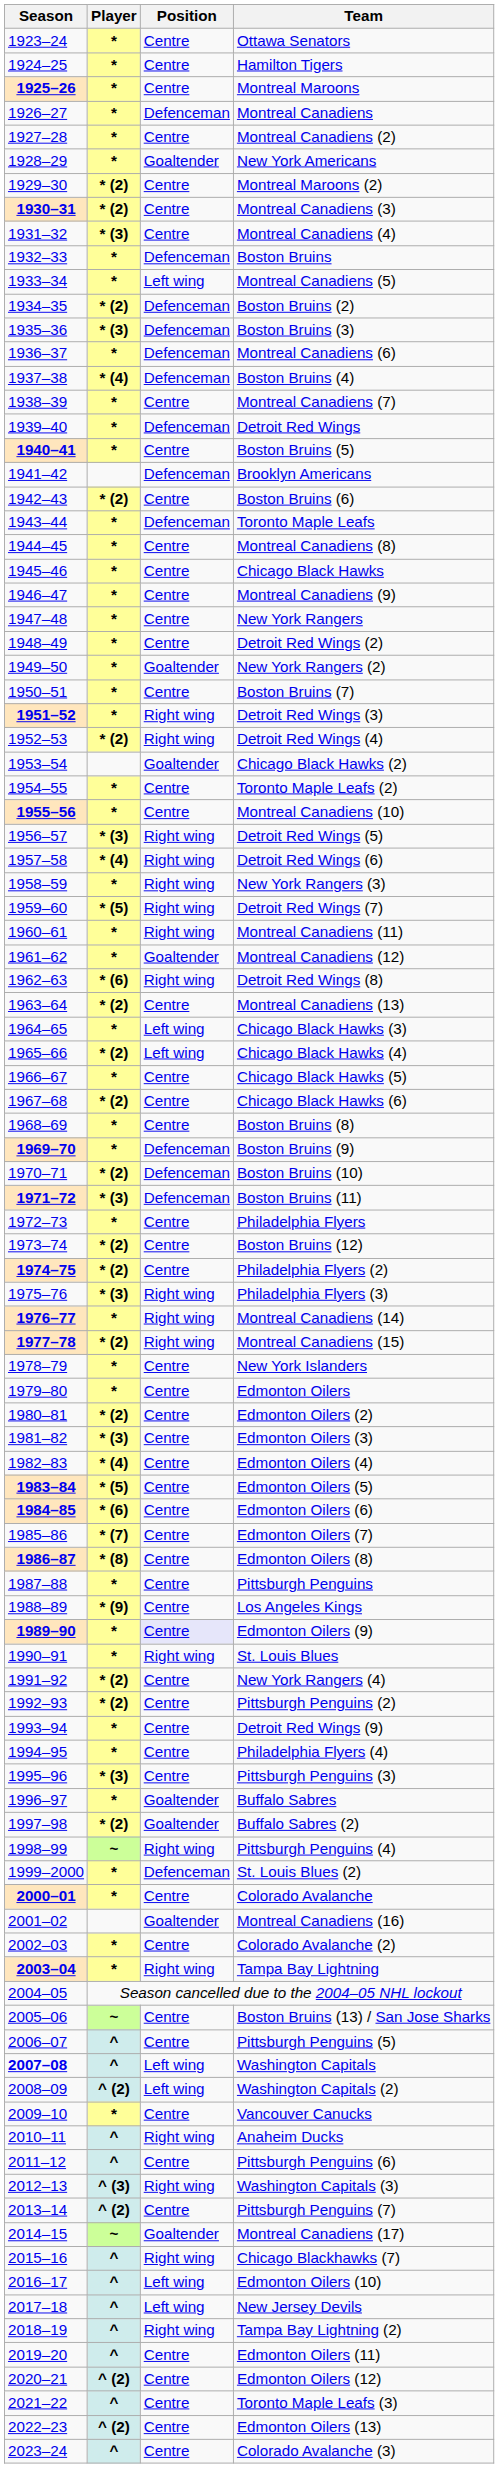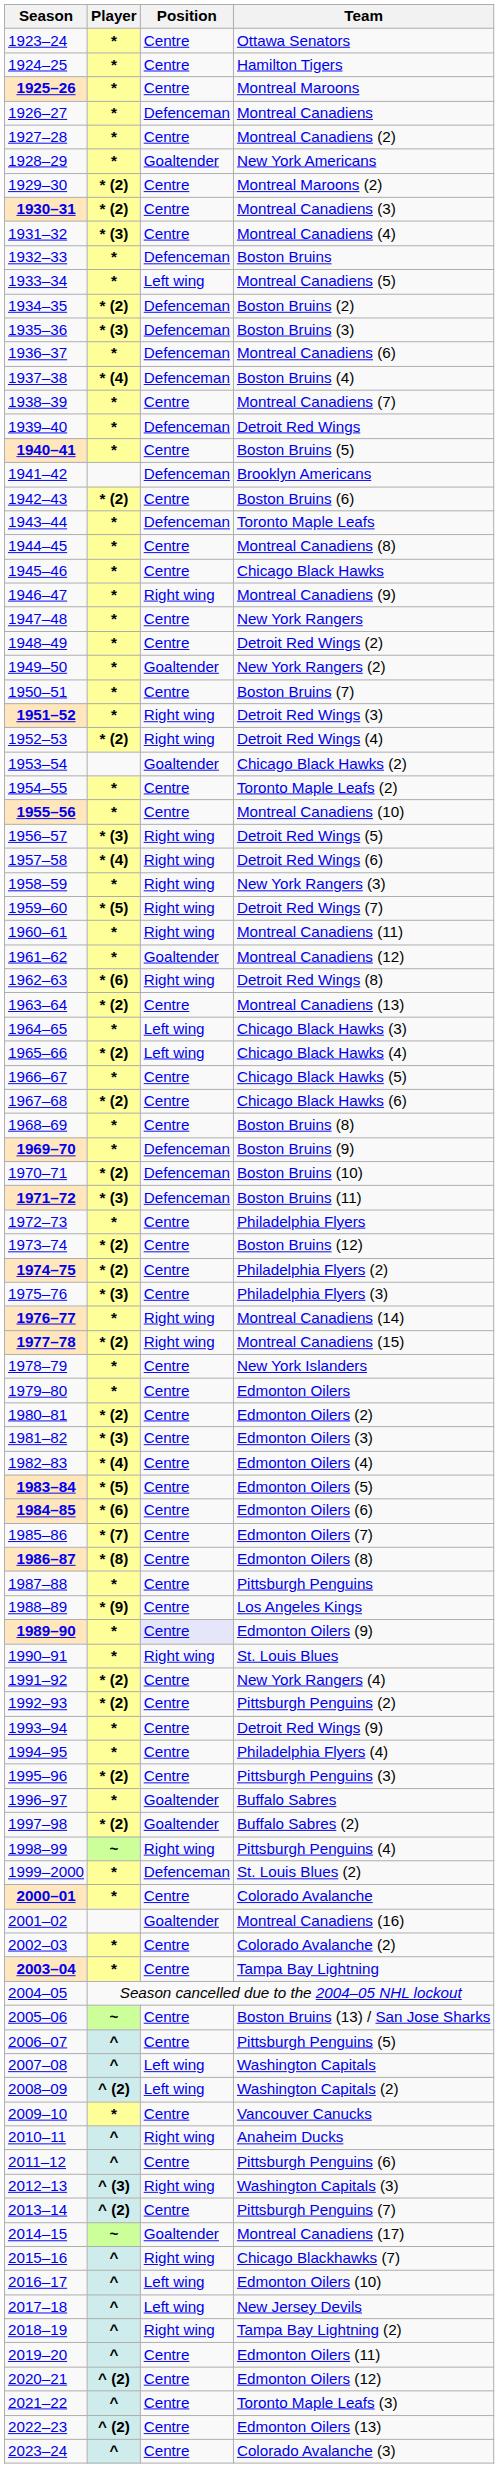 <table class="wikitable plainrowheaders sortable" summary="Season (sortable), Player (sortable), Position (sortable), Nationality (sortable) and Team (sortable)">
 <tr>
 <th scope="col">Season</th>
 <th scope="col">Player</th>
 <th scope="col">Position</th>
 <th scope="col">Team</th>
 </tr>
 <tr>
 <td><a href='#'>1923–24</a></td>
 <th scope="row" style="background-color:#FFFF99">*</th>
 <td><a href='#'>Centre</a></td>
 <td><a href='#'>Ottawa Senators</a></td>
 </tr>
 <tr>
 <td><a href='#'>1924–25</a></td>
 <th scope="row" style="background-color:#FFFF99">*</th>
 <td><a href='#'>Centre</a></td>
 <td><a href='#'>Hamilton Tigers</a></td>
 </tr>
 <tr>
 <th scope="row" style="background-color:#FFE6BD"><a href='#'>1925–26</a></th>
 <th scope="row" style="background-color:#FFFF99">*</th>
 <td><a href='#'>Centre</a></td>
 <td><a href='#'>Montreal Maroons</a></td>
 </tr>
 <tr>
 <td><a href='#'>1926–27</a></td>
 <th scope="row" style="background-color:#FFFF99">*</th>
 <td><a href='#'>Defenceman</a></td>
 <td><a href='#'>Montreal Canadiens</a></td>
 </tr>
 <tr>
 <td><a href='#'>1927–28</a></td>
 <th scope="row" style="background-color:#FFFF99">*</th>
 <td><a href='#'>Centre</a></td>
 <td><a href='#'>Montreal Canadiens</a> (2)</td>
 </tr>
 <tr>
 <td><a href='#'>1928–29</a></td>
 <th scope="row" style="background-color:#FFFF99">*</th>
 <td><a href='#'>Goaltender</a></td>
 <td><a href='#'>New York Americans</a></td>
 </tr>
 <tr>
 <td><a href='#'>1929–30</a></td>
 <th scope="row" style="background-color:#FFFF99">* (2)</th>
 <td><a href='#'>Centre</a></td>
 <td><a href='#'>Montreal Maroons</a> (2)</td>
 </tr>
 <tr>
 <th scope="row" style="background-color:#FFE6BD"><a href='#'>1930–31</a></th>
 <th scope="row" style="background-color:#FFFF99">* (2)</th>
 <td><a href='#'>Centre</a></td>
 <td><a href='#'>Montreal Canadiens</a> (3)</td>
 </tr>
 <tr>
 <td><a href='#'>1931–32</a></td>
 <th scope="row" style="background-color:#FFFF99">* (3)</th>
 <td><a href='#'>Centre</a></td>
 <td><a href='#'>Montreal Canadiens</a> (4)</td>
 </tr>
 <tr>
 <td><a href='#'>1932–33</a></td>
 <th scope="row" style="background-color:#FFFF99">*</th>
 <td><a href='#'>Defenceman</a></td>
 <td><a href='#'>Boston Bruins</a></td>
 </tr>
 <tr>
 <td><a href='#'>1933–34</a></td>
 <th scope="row" style="background-color:#FFFF99">*</th>
 <td><a href='#'>Left wing</a></td>
 <td><a href='#'>Montreal Canadiens</a> (5)</td>
 </tr>
 <tr>
 <td><a href='#'>1934–35</a></td>
 <th scope="row" style="background-color:#FFFF99">* (2)</th>
 <td><a href='#'>Defenceman</a></td>
 <td><a href='#'>Boston Bruins</a> (2)</td>
 </tr>
 <tr>
 <td><a href='#'>1935–36</a></td>
 <th scope="row" style="background-color:#FFFF99">* (3)</th>
 <td><a href='#'>Defenceman</a></td>
 <td><a href='#'>Boston Bruins</a> (3)</td>
 </tr>
 <tr>
 <td><a href='#'>1936–37</a></td>
 <th scope="row" style="background-color:#FFFF99">*</th>
 <td><a href='#'>Defenceman</a></td>
 <td><a href='#'>Montreal Canadiens</a> (6)</td>
 </tr>
 <tr>
 <td><a href='#'>1937–38</a></td>
 <th scope="row" style="background-color:#FFFF99">* (4)</th>
 <td><a href='#'>Defenceman</a></td>
 <td><a href='#'>Boston Bruins</a> (4)</td>
 </tr>
 <tr>
 <td><a href='#'>1938–39</a></td>
 <th scope="row" style="background-color:#FFFF99">*</th>
 <td><a href='#'>Centre</a></td>
 <td><a href='#'>Montreal Canadiens</a> (7)</td>
 </tr>
 <tr>
 <td><a href='#'>1939–40</a></td>
 <th scope="row" style="background-color:#FFFF99">*</th>
 <td><a href='#'>Defenceman</a></td>
 <td><a href='#'>Detroit Red Wings</a></td>
 </tr>
 <tr>
 <th scope="row" style="background-color:#FFE6BD"><a href='#'>1940–41</a></th>
 <th scope="row" style="background-color:#FFFF99">*</th>
 <td><a href='#'>Centre</a></td>
 <td><a href='#'>Boston Bruins</a> (5)</td>
 </tr>
 <tr>
 <td><a href='#'>1941–42</a></td>
 <td></td>
 <td><a href='#'>Defenceman</a></td>
 <td><a href='#'>Brooklyn Americans</a></td>
 </tr>
 <tr>
 <td><a href='#'>1942–43</a></td>
 <th scope="row" style="background-color:#FFFF99">* (2)</th>
 <td><a href='#'>Centre</a></td>
 <td><a href='#'>Boston Bruins</a> (6)</td>
 </tr>
 <tr>
 <td><a href='#'>1943–44</a></td>
 <th scope="row" style="background-color:#FFFF99">*</th>
 <td><a href='#'>Defenceman</a></td>
 <td><a href='#'>Toronto Maple Leafs</a></td>
 </tr>
 <tr>
 <td><a href='#'>1944–45</a></td>
 <th scope="row" style="background-color:#FFFF99">*</th>
 <td><a href='#'>Centre</a></td>
 <td><a href='#'>Montreal Canadiens</a> (8)</td>
 </tr>
 <tr>
 <td><a href='#'>1945–46</a></td>
 <th scope="row" style="background-color:#FFFF99">*</th>
 <td><a href='#'>Centre</a></td>
 <td><a href='#'>Chicago Black Hawks</a></td>
 </tr>
 <tr>
 <td><a href='#'>1946–47</a></td>
 <th scope="row" style="background-color:#FFFF99">*</th>
-<td><a href='#'>Centre</a></td>
+<td><a href='#'>Right wing</a></td>
 <td><a href='#'>Montreal Canadiens</a> (9)</td>
 </tr>
 <tr>
 <td><a href='#'>1947–48</a></td>
 <th scope="row" style="background-color:#FFFF99">*</th>
 <td><a href='#'>Centre</a></td>
 <td><a href='#'>New York Rangers</a></td>
 </tr>
 <tr>
 <td><a href='#'>1948–49</a></td>
 <th scope="row" style="background-color:#FFFF99">*</th>
 <td><a href='#'>Centre</a></td>
 <td><a href='#'>Detroit Red Wings</a> (2)</td>
 </tr>
 <tr>
 <td><a href='#'>1949–50</a></td>
 <th scope="row" style="background-color:#FFFF99">*</th>
 <td><a href='#'>Goaltender</a></td>
 <td><a href='#'>New York Rangers</a> (2)</td>
 </tr>
 <tr>
 <td><a href='#'>1950–51</a></td>
 <th scope="row" style="background-color:#FFFF99">*</th>
 <td><a href='#'>Centre</a></td>
 <td><a href='#'>Boston Bruins</a> (7)</td>
 </tr>
 <tr>
 <th scope="row" style="background-color:#FFE6BD"><a href='#'>1951–52</a></th>
 <th scope="row" style="background-color:#FFFF99">*</th>
 <td><a href='#'>Right wing</a></td>
 <td><a href='#'>Detroit Red Wings</a> (3)</td>
 </tr>
 <tr>
 <td><a href='#'>1952–53</a></td>
 <th scope="row" style="background-color:#FFFF99">* (2)</th>
 <td><a href='#'>Right wing</a></td>
 <td><a href='#'>Detroit Red Wings</a> (4)</td>
 </tr>
 <tr>
 <td><a href='#'>1953–54</a></td>
 <td></td>
 <td><a href='#'>Goaltender</a></td>
 <td><a href='#'>Chicago Black Hawks</a> (2)</td>
 </tr>
 <tr>
 <td><a href='#'>1954–55</a></td>
 <th scope="row" style="background-color:#FFFF99">*</th>
 <td><a href='#'>Centre</a></td>
 <td><a href='#'>Toronto Maple Leafs</a> (2)</td>
 </tr>
 <tr>
 <th scope="row" style="background-color:#FFE6BD"><a href='#'>1955–56</a></th>
 <th scope="row" style="background-color:#FFFF99">*</th>
 <td><a href='#'>Centre</a></td>
 <td><a href='#'>Montreal Canadiens</a> (10)</td>
 </tr>
 <tr>
 <td><a href='#'>1956–57</a></td>
 <th scope="row" style="background-color:#FFFF99">* (3)</th>
 <td><a href='#'>Right wing</a></td>
 <td><a href='#'>Detroit Red Wings</a> (5)</td>
 </tr>
 <tr>
 <td><a href='#'>1957–58</a></td>
 <th scope="row" style="background-color:#FFFF99">* (4)</th>
 <td><a href='#'>Right wing</a></td>
 <td><a href='#'>Detroit Red Wings</a> (6)</td>
 </tr>
 <tr>
 <td><a href='#'>1958–59</a></td>
 <th scope="row" style="background-color:#FFFF99">*</th>
 <td><a href='#'>Right wing</a></td>
 <td><a href='#'>New York Rangers</a> (3)</td>
 </tr>
 <tr>
 <td><a href='#'>1959–60</a></td>
 <th scope="row" style="background-color:#FFFF99">* (5)</th>
 <td><a href='#'>Right wing</a></td>
 <td><a href='#'>Detroit Red Wings</a> (7)</td>
 </tr>
 <tr>
 <td><a href='#'>1960–61</a></td>
 <th scope="row" style="background-color:#FFFF99">*</th>
 <td><a href='#'>Right wing</a></td>
 <td><a href='#'>Montreal Canadiens</a> (11)</td>
 </tr>
 <tr>
 <td><a href='#'>1961–62</a></td>
 <th scope="row" style="background-color:#FFFF99">*</th>
 <td><a href='#'>Goaltender</a></td>
 <td><a href='#'>Montreal Canadiens</a> (12)</td>
 </tr>
 <tr>
 <td><a href='#'>1962–63</a></td>
 <th scope="row" style="background-color:#FFFF99">* (6)</th>
 <td><a href='#'>Right wing</a></td>
 <td><a href='#'>Detroit Red Wings</a> (8)</td>
 </tr>
 <tr>
 <td><a href='#'>1963–64</a></td>
 <th scope="row" style="background-color:#FFFF99">* (2)</th>
 <td><a href='#'>Centre</a></td>
 <td><a href='#'>Montreal Canadiens</a> (13)</td>
 </tr>
 <tr>
 <td><a href='#'>1964–65</a></td>
 <th scope="row" style="background-color:#FFFF99">*</th>
 <td><a href='#'>Left wing</a></td>
 <td><a href='#'>Chicago Black Hawks</a> (3)</td>
 </tr>
 <tr>
 <td><a href='#'>1965–66</a></td>
 <th scope="row" style="background-color:#FFFF99">* (2)</th>
 <td><a href='#'>Left wing</a></td>
 <td><a href='#'>Chicago Black Hawks</a> (4)</td>
 </tr>
 <tr>
 <td><a href='#'>1966–67</a></td>
 <th scope="row" style="background-color:#FFFF99">*</th>
 <td><a href='#'>Centre</a></td>
 <td><a href='#'>Chicago Black Hawks</a> (5)</td>
 </tr>
 <tr>
 <td><a href='#'>1967–68</a></td>
 <th scope="row" style="background-color:#FFFF99">* (2)</th>
 <td><a href='#'>Centre</a></td>
 <td><a href='#'>Chicago Black Hawks</a> (6)</td>
 </tr>
 <tr>
 <td><a href='#'>1968–69</a></td>
 <th scope="row" style="background-color:#FFFF99">*</th>
 <td><a href='#'>Centre</a></td>
 <td><a href='#'>Boston Bruins</a> (8)</td>
 </tr>
 <tr>
 <th scope="row" style="background-color:#FFE6BD"><a href='#'>1969–70</a></th>
 <th scope="row" style="background-color:#FFFF99">*</th>
 <td><a href='#'>Defenceman</a></td>
 <td><a href='#'>Boston Bruins</a> (9)</td>
 </tr>
 <tr>
 <td><a href='#'>1970–71</a></td>
 <th scope="row" style="background-color:#FFFF99">* (2)</th>
 <td><a href='#'>Defenceman</a></td>
 <td><a href='#'>Boston Bruins</a> (10)</td>
 </tr>
 <tr>
 <th scope="row" style="background-color:#FFE6BD"><a href='#'>1971–72</a></th>
 <th scope="row" style="background-color:#FFFF99">* (3)</th>
 <td><a href='#'>Defenceman</a></td>
 <td><a href='#'>Boston Bruins</a> (11)</td>
 </tr>
 <tr>
 <td><a href='#'>1972–73</a></td>
 <th scope="row" style="background-color:#FFFF99">*</th>
 <td><a href='#'>Centre</a></td>
 <td><a href='#'>Philadelphia Flyers</a></td>
 </tr>
 <tr>
 <td><a href='#'>1973–74</a></td>
 <th scope="row" style="background-color:#FFFF99">* (2)</th>
 <td><a href='#'>Centre</a></td>
 <td><a href='#'>Boston Bruins</a> (12)</td>
 </tr>
 <tr>
 <th scope="row" style="background-color:#FFE6BD"><a href='#'>1974–75</a></th>
 <th scope="row" style="background-color:#FFFF99">* (2)</th>
 <td><a href='#'>Centre</a></td>
 <td><a href='#'>Philadelphia Flyers</a> (2)</td>
 </tr>
 <tr>
 <td><a href='#'>1975–76</a></td>
 <th scope="row" style="background-color:#FFFF99">* (3)</th>
-<td><a href='#'>Right wing</a></td>
+<td><a href='#'>Centre</a></td>
 <td><a href='#'>Philadelphia Flyers</a> (3)</td>
 </tr>
 <tr>
 <th scope="row" style="background-color:#FFE6BD"><a href='#'>1976–77</a></th>
 <th scope="row" style="background-color:#FFFF99">*</th>
 <td><a href='#'>Right wing</a></td>
 <td><a href='#'>Montreal Canadiens</a> (14)</td>
 </tr>
 <tr>
 <th scope="row" style="background-color:#FFE6BD"><a href='#'>1977–78</a></th>
 <th scope="row" style="background-color:#FFFF99">* (2)</th>
 <td><a href='#'>Right wing</a></td>
 <td><a href='#'>Montreal Canadiens</a> (15)</td>
 </tr>
 <tr>
 <td><a href='#'>1978–79</a></td>
 <th scope="row" style="background-color:#FFFF99">*</th>
 <td><a href='#'>Centre</a></td>
 <td><a href='#'>New York Islanders</a></td>
 </tr>
 <tr>
 <td><a href='#'>1979–80</a></td>
 <th scope="row" style="background-color:#FFFF99">*</th>
 <td><a href='#'>Centre</a></td>
 <td><a href='#'>Edmonton Oilers</a></td>
 </tr>
 <tr>
 <td><a href='#'>1980–81</a></td>
 <th scope="row" style="background-color:#FFFF99">* (2)</th>
 <td><a href='#'>Centre</a></td>
 <td><a href='#'>Edmonton Oilers</a> (2)</td>
 </tr>
 <tr>
 <td><a href='#'>1981–82</a></td>
 <th scope="row" style="background-color:#FFFF99">* (3)</th>
 <td><a href='#'>Centre</a></td>
 <td><a href='#'>Edmonton Oilers</a> (3)</td>
 </tr>
 <tr>
 <td><a href='#'>1982–83</a></td>
 <th scope="row" style="background-color:#FFFF99">* (4)</th>
 <td><a href='#'>Centre</a></td>
 <td><a href='#'>Edmonton Oilers</a> (4)</td>
 </tr>
 <tr>
 <th scope="row" style="background-color:#FFE6BD"><a href='#'>1983–84</a></th>
 <th scope="row" style="background-color:#FFFF99">* (5)</th>
 <td><a href='#'>Centre</a></td>
 <td><a href='#'>Edmonton Oilers</a> (5)</td>
 </tr>
 <tr>
 <th scope="row" style="background-color:#FFE6BD"><a href='#'>1984–85</a></th>
 <th scope="row" style="background-color:#FFFF99">* (6)</th>
 <td><a href='#'>Centre</a></td>
 <td><a href='#'>Edmonton Oilers</a> (6)</td>
 </tr>
 <tr>
 <td><a href='#'>1985–86</a></td>
 <th scope="row" style="background-color:#FFFF99">* (7)</th>
 <td><a href='#'>Centre</a></td>
 <td><a href='#'>Edmonton Oilers</a> (7)</td>
 </tr>
 <tr>
 <th scope="row" style="background-color:#FFE6BD"><a href='#'>1986–87</a></th>
 <th scope="row" style="background-color:#FFFF99">* (8)</th>
 <td><a href='#'>Centre</a></td>
 <td><a href='#'>Edmonton Oilers</a> (8)</td>
 </tr>
 <tr>
 <td><a href='#'>1987–88</a></td>
 <th scope="row" style="background-color:#FFFF99">*</th>
 <td><a href='#'>Centre</a></td>
 <td><a href='#'>Pittsburgh Penguins</a></td>
 </tr>
 <tr>
 <td><a href='#'>1988–89</a></td>
 <th scope="row" style="background-color:#FFFF99">* (9)</th>
 <td><a href='#'>Centre</a></td>
 <td><a href='#'>Los Angeles Kings</a></td>
 </tr>
 <tr>
 <th scope="row" style="background-color:#FFE6BD"><a href='#'>1989–90</a></th>
 <th scope="row" style="background-color:#FFFF99">*</th>
 <td style="background: lavender;"><a href='#'>Centre</a></td>
 <td><a href='#'>Edmonton Oilers</a> (9)</td>
 </tr>
 <tr>
 <td><a href='#'>1990–91</a></td>
 <th scope="row" style="background-color:#FFFF99">*</th>
 <td><a href='#'>Right wing</a></td>
 <td><a href='#'>St. Louis Blues</a></td>
 </tr>
 <tr>
 <td><a href='#'>1991–92</a></td>
 <th scope="row" style="background-color:#FFFF99">* (2)</th>
 <td><a href='#'>Centre</a></td>
 <td><a href='#'>New York Rangers</a> (4)</td>
 </tr>
 <tr>
 <td><a href='#'>1992–93</a></td>
 <th scope="row" style="background-color:#FFFF99">* (2)</th>
 <td><a href='#'>Centre</a></td>
 <td><a href='#'>Pittsburgh Penguins</a> (2)</td>
 </tr>
 <tr>
 <td><a href='#'>1993–94</a></td>
 <th scope="row" style="background-color:#FFFF99">*</th>
 <td><a href='#'>Centre</a></td>
 <td><a href='#'>Detroit Red Wings</a> (9)</td>
 </tr>
 <tr>
 <td><a href='#'>1994–95</a></td>
 <th scope="row" style="background-color:#FFFF99">*</th>
 <td><a href='#'>Centre</a></td>
 <td><a href='#'>Philadelphia Flyers</a> (4)</td>
 </tr>
 <tr>
 <td><a href='#'>1995–96</a></td>
-<th scope="row" style="background-color:#FFFF99">* (3)</th>
+<th scope="row" style="background-color:#FFFF99">* (2)</th>
 <td><a href='#'>Centre</a></td>
 <td><a href='#'>Pittsburgh Penguins</a> (3)</td>
 </tr>
 <tr>
 <td><a href='#'>1996–97</a></td>
 <th scope="row" style="background-color:#FFFF99">*</th>
 <td><a href='#'>Goaltender</a></td>
 <td><a href='#'>Buffalo Sabres</a></td>
 </tr>
 <tr>
 <td><a href='#'>1997–98</a></td>
 <th scope="row" style="background-color:#FFFF99">* (2)</th>
 <td><a href='#'>Goaltender</a></td>
 <td><a href='#'>Buffalo Sabres</a> (2)</td>
 </tr>
 <tr>
 <td><a href='#'>1998–99</a></td>
 <th scope="row" style="background-color:#CCFF99">~</th>
 <td><a href='#'>Right wing</a></td>
 <td><a href='#'>Pittsburgh Penguins</a> (4)</td>
 </tr>
 <tr>
 <td><a href='#'>1999–2000</a></td>
 <th scope="row" style="background-color:#FFFF99">*</th>
 <td><a href='#'>Defenceman</a></td>
 <td><a href='#'>St. Louis Blues</a> (2)</td>
 </tr>
 <tr>
 <th scope="row" style="background-color:#FFE6BD"><a href='#'>2000–01</a></th>
 <th scope="row" style="background-color:#FFFF99">*</th>
 <td><a href='#'>Centre</a></td>
 <td><a href='#'>Colorado Avalanche</a></td>
 </tr>
 <tr>
 <td><a href='#'>2001–02</a></td>
 <td></td>
 <td><a href='#'>Goaltender</a></td>
 <td><a href='#'>Montreal Canadiens</a> (16)</td>
 </tr>
 <tr>
 <td><a href='#'>2002–03</a></td>
 <th scope="row" style="background-color:#FFFF99">*</th>
 <td><a href='#'>Centre</a></td>
 <td><a href='#'>Colorado Avalanche</a> (2)</td>
 </tr>
 <tr>
 <th scope="row" style="background-color:#FFE6BD"><a href='#'>2003–04</a></th>
 <th scope="row" style="background-color:#FFFF99">*</th>
-<td><a href='#'>Right wing</a></td>
+<td><a href='#'>Centre</a></td>
 <td><a href='#'>Tampa Bay Lightning</a></td>
 </tr>
 <tr>
 <td><a href='#'>2004–05</a></td>
 <td colspan=4 align="center"><em>Season cancelled due to the <a href='#'>2004–05 NHL lockout</a></em></td>
 </tr>
 <tr>
 <td><a href='#'>2005–06</a></td>
 <th scope="row" style="background-color:#CCFF99">~</th>
 <td><a href='#'>Centre</a></td>
 <td><a href='#'>Boston Bruins</a> (13) / <a href='#'>San Jose Sharks</a></td>
 </tr>
 <tr>
 <td><a href='#'>2006–07</a></td>
 <th scope="row" style="background-color:#CFECEC">^</th>
 <td><a href='#'>Centre</a></td>
 <td><a href='#'>Pittsburgh Penguins</a> (5)</td>
 </tr>
 <tr>
-<td><strong><a href='#'>2007–08</a></strong></td>
+<td><a href='#'>2007–08</a></td>
 <th scope="row" style="background-color:#CFECEC">^</th>
 <td><a href='#'>Left wing</a></td>
 <td><a href='#'>Washington Capitals</a></td>
 </tr>
 <tr>
 <td><a href='#'>2008–09</a></td>
 <th scope="row" style="background-color:#CFECEC">^ (2)</th>
 <td><a href='#'>Left wing</a></td>
 <td><a href='#'>Washington Capitals</a> (2)</td>
 </tr>
 <tr>
 <td><a href='#'>2009–10</a></td>
 <th scope="row" style="background-color:#FFFF99">*</th>
 <td><a href='#'>Centre</a></td>
 <td><a href='#'>Vancouver Canucks</a></td>
 </tr>
 <tr>
 <td><a href='#'>2010–11</a></td>
 <th scope="row" style="background-color:#CFECEC">^</th>
 <td><a href='#'>Right wing</a></td>
 <td><a href='#'>Anaheim Ducks</a></td>
 </tr>
 <tr>
 <td><a href='#'>2011–12</a></td>
 <th scope="row" style="background-color:#CFECEC">^</th>
 <td><a href='#'>Centre</a></td>
 <td><a href='#'>Pittsburgh Penguins</a> (6)</td>
 </tr>
 <tr>
 <td><a href='#'>2012–13</a></td>
 <th scope="row" style="background-color:#CFECEC">^ (3)</th>
 <td><a href='#'>Right wing</a></td>
 <td><a href='#'>Washington Capitals</a> (3)</td>
 </tr>
 <tr>
 <td><a href='#'>2013–14</a></td>
 <th scope="row" style="background-color:#CFECEC">^ (2)</th>
 <td><a href='#'>Centre</a></td>
 <td><a href='#'>Pittsburgh Penguins</a> (7)</td>
 </tr>
 <tr>
 <td><a href='#'>2014–15</a></td>
 <th scope="row" style="background-color:#CCFF99;">~</th>
 <td><a href='#'>Goaltender</a></td>
 <td><a href='#'>Montreal Canadiens</a> (17)</td>
 </tr>
 <tr>
 <td><a href='#'>2015–16</a></td>
 <th scope="row" style="background-color:#CFECEC">^</th>
 <td><a href='#'>Right wing</a></td>
 <td><a href='#'>Chicago Blackhawks</a> (7)</td>
 </tr>
 <tr>
 <td><a href='#'>2016–17</a></td>
 <th scope="row" style="background-color:#CFECEC">^</th>
 <td><a href='#'>Left wing</a></td>
 <td><a href='#'>Edmonton Oilers</a> (10)</td>
 </tr>
 <tr>
 <td><a href='#'>2017–18</a></td>
 <th scope="row" style="background-color:#CFECEC">^</th>
 <td><a href='#'>Left wing</a></td>
 <td><a href='#'>New Jersey Devils</a></td>
 </tr>
 <tr>
 <td><a href='#'>2018–19</a></td>
 <th scope="row" style="background-color:#CFECEC">^</th>
 <td><a href='#'>Right wing</a></td>
 <td><a href='#'>Tampa Bay Lightning</a> (2)</td>
 </tr>
 <tr>
 <td><a href='#'>2019–20</a></td>
 <th scope="row" style="background-color:#CFECEC">^</th>
 <td><a href='#'>Centre</a></td>
 <td><a href='#'>Edmonton Oilers</a> (11)</td>
 </tr>
 <tr>
 <td><a href='#'>2020–21</a></td>
 <th scope="row" style="background-color:#CFECEC">^ (2)</th>
 <td><a href='#'>Centre</a></td>
 <td><a href='#'>Edmonton Oilers</a> (12)</td>
 </tr>
 <tr>
 <td><a href='#'>2021–22</a></td>
 <th scope="row" style="background-color:#CFECEC">^</th>
 <td><a href='#'>Centre</a></td>
 <td><a href='#'>Toronto Maple Leafs</a> (3)</td>
 </tr>
 <tr>
 <td><a href='#'>2022–23</a></td>
 <th scope="row" style="background-color:#CFECEC">^ (2)</th>
 <td><a href='#'>Centre</a></td>
 <td><a href='#'>Edmonton Oilers</a> (13)</td>
 </tr>
 <tr>
 <td><a href='#'>2023–24</a></td>
 <th scope="row" style="background-color:#CFECEC">^</th>
 <td><a href='#'>Centre</a></td>
 <td><a href='#'>Colorado Avalanche</a> (3)</td>
 </tr>
 </table>
